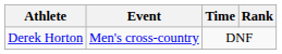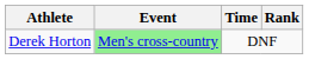 <table class=wikitable style="font-size:95%">
 <tr>
 <th>Athlete</th>
 <th>Event</th>
 <th>Time</th>
 <th>Rank</th>
 </tr>
 <tr align="center">
 <td><a href='#'>Derek Horton</a></td>
-<td><a href='#'>Men's cross-country</a></td>
+<td style="background: lightgreen;"><a href='#'>Men's cross-country</a></td>
 <td colspan=2>DNF</td>
 </tr>
 </table>
